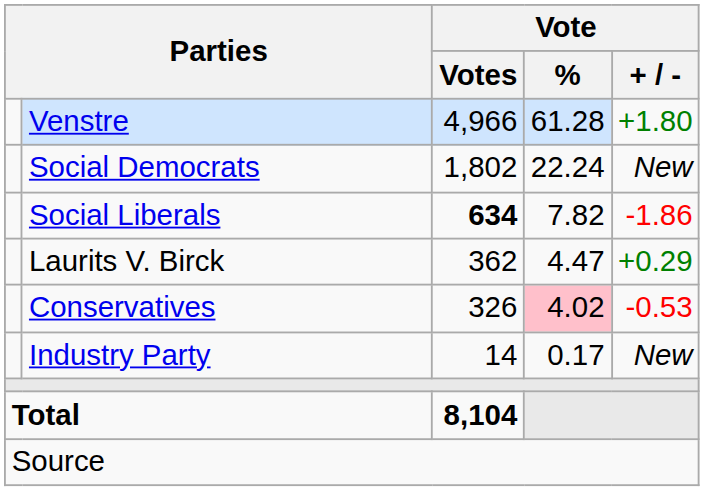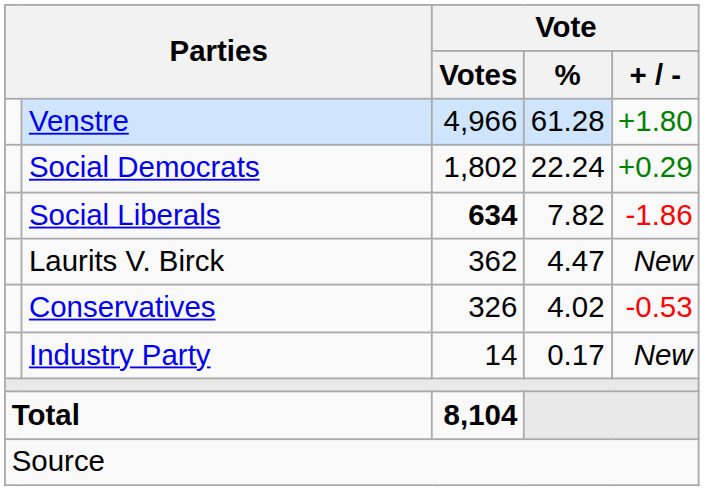 <table class="wikitable" style="text-align:right;">
 <tr>
 <th style="text-align:centre;" rowspan="2" colspan="2" width="225">Parties</th>
 <th colspan="3">Vote</th>
 </tr>
 <tr>
 <th width="15">Votes</th>
 <th width="15">%</th>
 <th width="15">+ / -</th>
 </tr>
 <tr>
 <td width="2" style="color:inherit;background:"></td>
 <td bgcolor=#cfe5fe  align="left"><a href='#'>Venstre</a></td>
 <td bgcolor=#cfe5fe>4,966</td>
 <td bgcolor=#cfe5fe>61.28</td>
 <td style=color:green;>+1.80</td>
 </tr>
 <tr>
 <td width="2" style="color:inherit;background:"></td>
 <td align="left"><a href='#'>Social Democrats</a></td>
 <td>1,802</td>
 <td>22.24</td>
-<td><em>New</em></td>
+<td style=color:green;>+0.29</td>
 </tr>
 <tr>
 <td width="2" style="color:inherit;background:"></td>
 <td align="left"><a href='#'>Social Liberals</a></td>
 <td><strong>634</strong></td>
 <td>7.82</td>
 <td style=color:red;>-1.86</td>
 </tr>
 <tr>
 <td width="2" style="color:inherit;background:"></td>
 <td align="left">Laurits V. Birck</td>
 <td>362</td>
 <td>4.47</td>
-<td style=color:green;>+0.29</td>
+<td><em>New</em></td>
 </tr>
 <tr>
 <td width="2" style="color:inherit;background:"></td>
 <td align="left"><a href='#'>Conservatives</a></td>
 <td>326</td>
-<td style="background: pink;">4.02</td>
+<td>4.02</td>
 <td style=color:red;>-0.53</td>
 </tr>
 <tr>
 <td width="2" style="color:inherit;background:"></td>
 <td align="left"><a href='#'>Industry Party</a></td>
 <td>14</td>
 <td>0.17</td>
 <td><em>New</em></td>
 </tr>
 <tr>
 <td colspan="7" bgcolor="#E9E9E9"></td>
 </tr>
 <tr>
 <td align="left" colspan="2"><strong>Total</strong></td>
 <td><strong>8,104</strong></td>
 <td bgcolor="#E9E9E9" colspan="2"></td>
 </tr>
 <tr>
 <td align="left" colspan="6">Source</td>
 </tr>
 </table>
